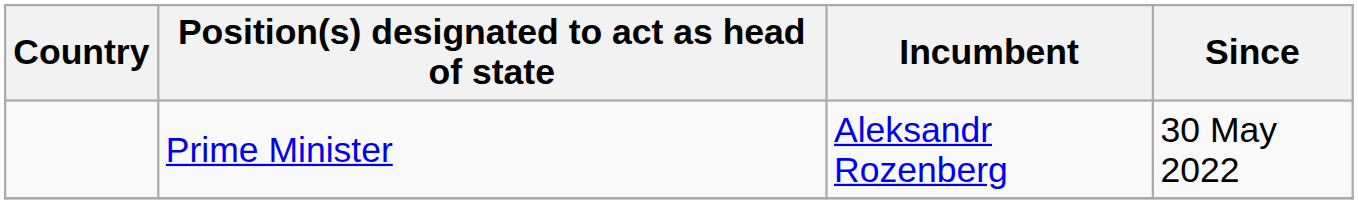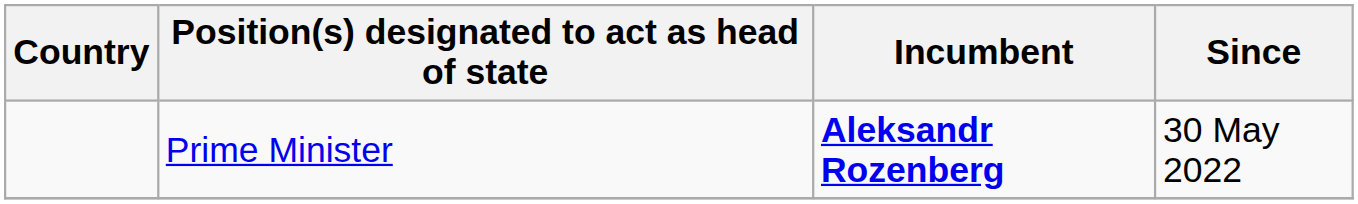 <table class="wikitable sortable">
 <tr>
 <th>Country</th>
 <th>Position(s) designated to act as head of state</th>
 <th>Incumbent</th>
 <th>Since</th>
 </tr>
 <tr>
 <td></td>
 <td><a href='#'>Prime Minister</a></td>
-<td><a href='#'>Aleksandr Rozenberg</a></td>
+<td><strong><a href='#'>Aleksandr Rozenberg</a></strong></td>
 <td>30 May 2022</td>
 </tr>
 <tr>
 </tr>
 </table>
